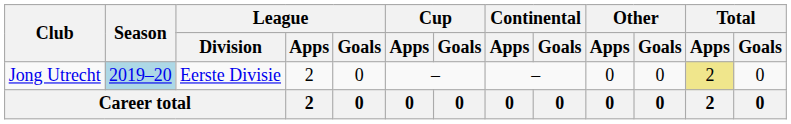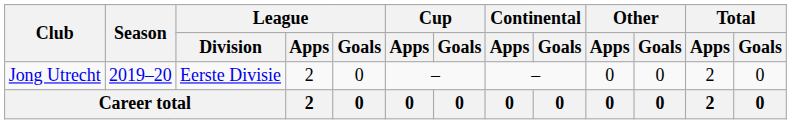 <table class="wikitable" style="text-align:center">
 <tr>
 <th rowspan="2">Club</th>
 <th rowspan="2">Season</th>
 <th colspan="3">League</th>
 <th colspan="2">Cup</th>
 <th colspan="2">Continental</th>
 <th colspan="2">Other</th>
 <th colspan="2">Total</th>
 </tr>
 <tr>
 <th>Division</th>
 <th>Apps</th>
 <th>Goals</th>
 <th>Apps</th>
 <th>Goals</th>
 <th>Apps</th>
 <th>Goals</th>
 <th>Apps</th>
 <th>Goals</th>
 <th>Apps</th>
 <th>Goals</th>
 </tr>
 <tr>
 <td><a href='#'>Jong Utrecht</a></td>
-<td style="background: lightblue;"><a href='#'>2019–20</a></td>
+<td><a href='#'>2019–20</a></td>
 <td><a href='#'>Eerste Divisie</a></td>
 <td>2</td>
 <td>0</td>
 <td colspan="2">–</td>
 <td colspan="2">–</td>
 <td>0</td>
 <td>0</td>
-<td style="background: khaki;">2</td>
+<td>2</td>
 <td>0</td>
 </tr>
 <tr>
 <th colspan="3">Career total</th>
 <th>2</th>
 <th>0</th>
 <th>0</th>
 <th>0</th>
 <th>0</th>
 <th>0</th>
 <th>0</th>
 <th>0</th>
 <th>2</th>
 <th>0</th>
 </tr>
 </table>
